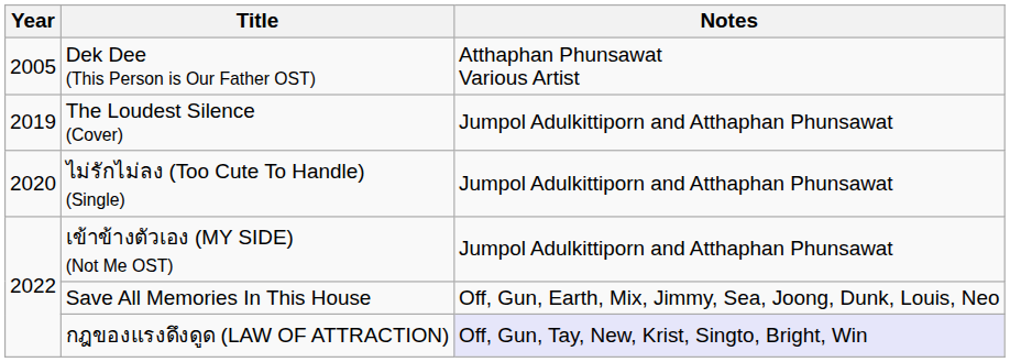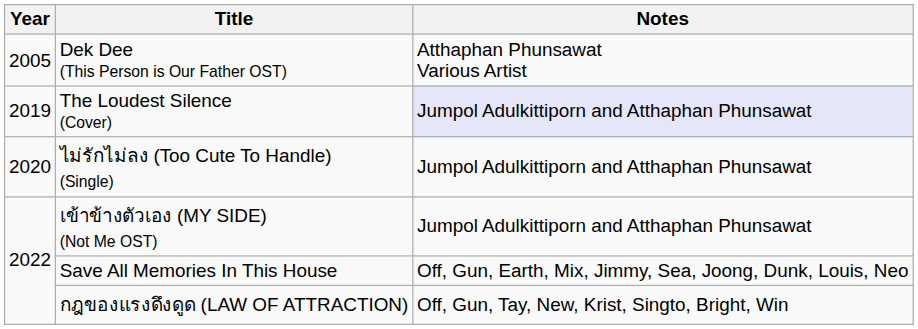 <table class="wikitable plainrowheaders sortable">
 <tr>
 <th scope="col">Year</th>
 <th scope="col">Title</th>
 <th class="unsortable">Notes</th>
 </tr>
 <tr>
 <td rowspan="1">2005</td>
 <td>Dek Dee<br><small>(This Person is Our Father OST)</small></td>
 <td>Atthaphan Phunsawat<br>Various Artist</td>
 </tr>
 <tr>
 <td rowspan="1">2019</td>
 <td>The Loudest Silence<br><small>(Cover)</small></td>
-<td>Jumpol Adulkittiporn and Atthaphan Phunsawat</td>
+<td style="background: lavender;">Jumpol Adulkittiporn and Atthaphan Phunsawat</td>
 </tr>
 <tr>
 <td rowspan="1">2020</td>
 <td>ไม่รักไม่ลง (Too Cute To Handle)<br><small>(Single)</small></td>
 <td>Jumpol Adulkittiporn and Atthaphan Phunsawat</td>
 </tr>
 <tr>
 <td rowspan="3">2022</td>
 <td>เข้าข้างตัวเอง (MY SIDE)<br><small>(Not Me OST)</small></td>
 <td>Jumpol Adulkittiporn and Atthaphan Phunsawat</td>
 </tr>
 <tr>
 <td>Save All Memories In This House</td>
 <td>Off, Gun, Earth, Mix, Jimmy, Sea, Joong, Dunk, Louis, Neo</td>
 </tr>
 <tr>
 <td>กฎของแรงดึงดูด (LAW OF ATTRACTION)</td>
-<td style="background: lavender;">Off, Gun, Tay, New, Krist, Singto, Bright, Win</td>
+<td>Off, Gun, Tay, New, Krist, Singto, Bright, Win</td>
 </tr>
 </table>
